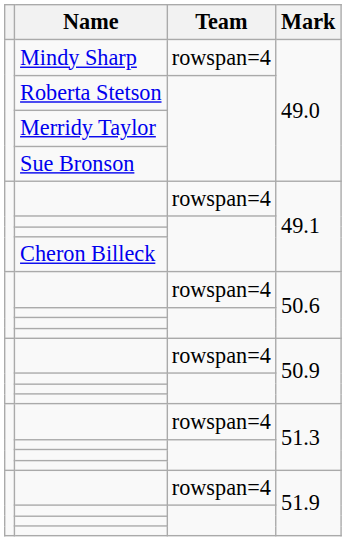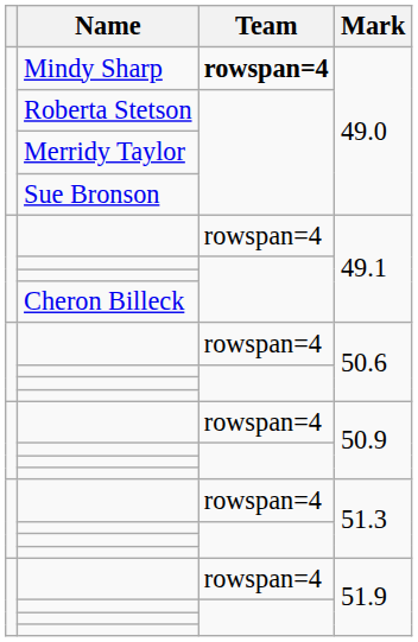 <table class=wikitable>
 <tr>
 <th></th>
 <th>Name</th>
 <th>Team</th>
 <th>Mark</th>
 </tr>
 <tr>
 <td rowspan=4></td>
 <td><a href='#'>Mindy Sharp</a></td>
-<td>rowspan=4 </td>
+<td><strong>rowspan=4 </strong></td>
 <td rowspan=4>49.0</td>
 </tr>
 <tr>
 <td><a href='#'>Roberta Stetson</a></td>
 </tr>
 <tr>
 <td><a href='#'>Merridy Taylor</a></td>
 </tr>
 <tr>
 <td><a href='#'>Sue Bronson</a></td>
 </tr>
 <tr>
 <td rowspan=4></td>
 <td></td>
 <td>rowspan=4 </td>
 <td rowspan=4>49.1</td>
 </tr>
 <tr>
 <td></td>
 </tr>
 <tr>
 <td></td>
 </tr>
 <tr>
 <td><a href='#'>Cheron Billeck</a></td>
 </tr>
 <tr>
 <td rowspan=4></td>
 <td></td>
 <td>rowspan=4 </td>
 <td rowspan=4>50.6</td>
 </tr>
 <tr>
 <td></td>
 </tr>
 <tr>
 <td></td>
 </tr>
 <tr>
 <td></td>
 </tr>
 <tr>
 <td rowspan=4></td>
 <td></td>
 <td>rowspan=4 </td>
 <td rowspan=4>50.9</td>
 </tr>
 <tr>
 <td></td>
 </tr>
 <tr>
 <td></td>
 </tr>
 <tr>
 <td></td>
 </tr>
 <tr>
 <td rowspan=4></td>
 <td></td>
 <td>rowspan=4 </td>
 <td rowspan=4>51.3</td>
 </tr>
 <tr>
 <td></td>
 </tr>
 <tr>
 <td></td>
 </tr>
 <tr>
 <td></td>
 </tr>
 <tr>
 <td rowspan=4></td>
 <td></td>
 <td>rowspan=4 </td>
 <td rowspan=4>51.9</td>
 </tr>
 <tr>
 <td></td>
 </tr>
 <tr>
 <td></td>
 </tr>
 <tr>
 <td></td>
 </tr>
 </table>
